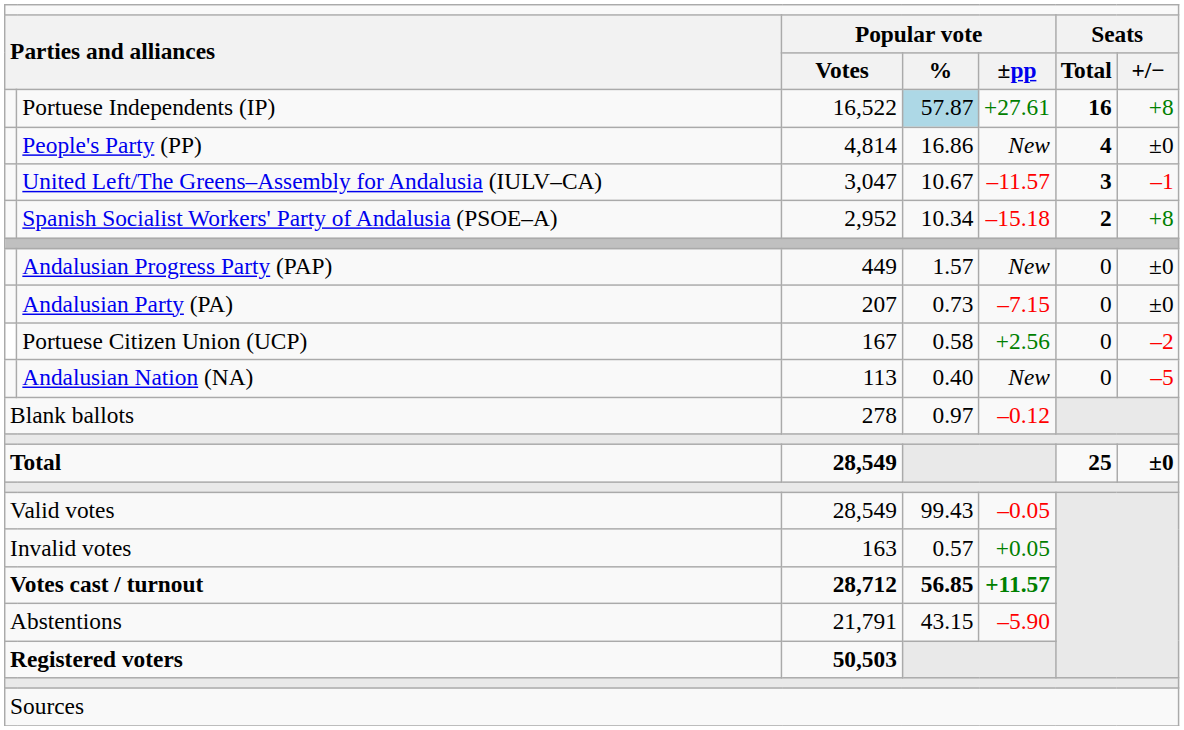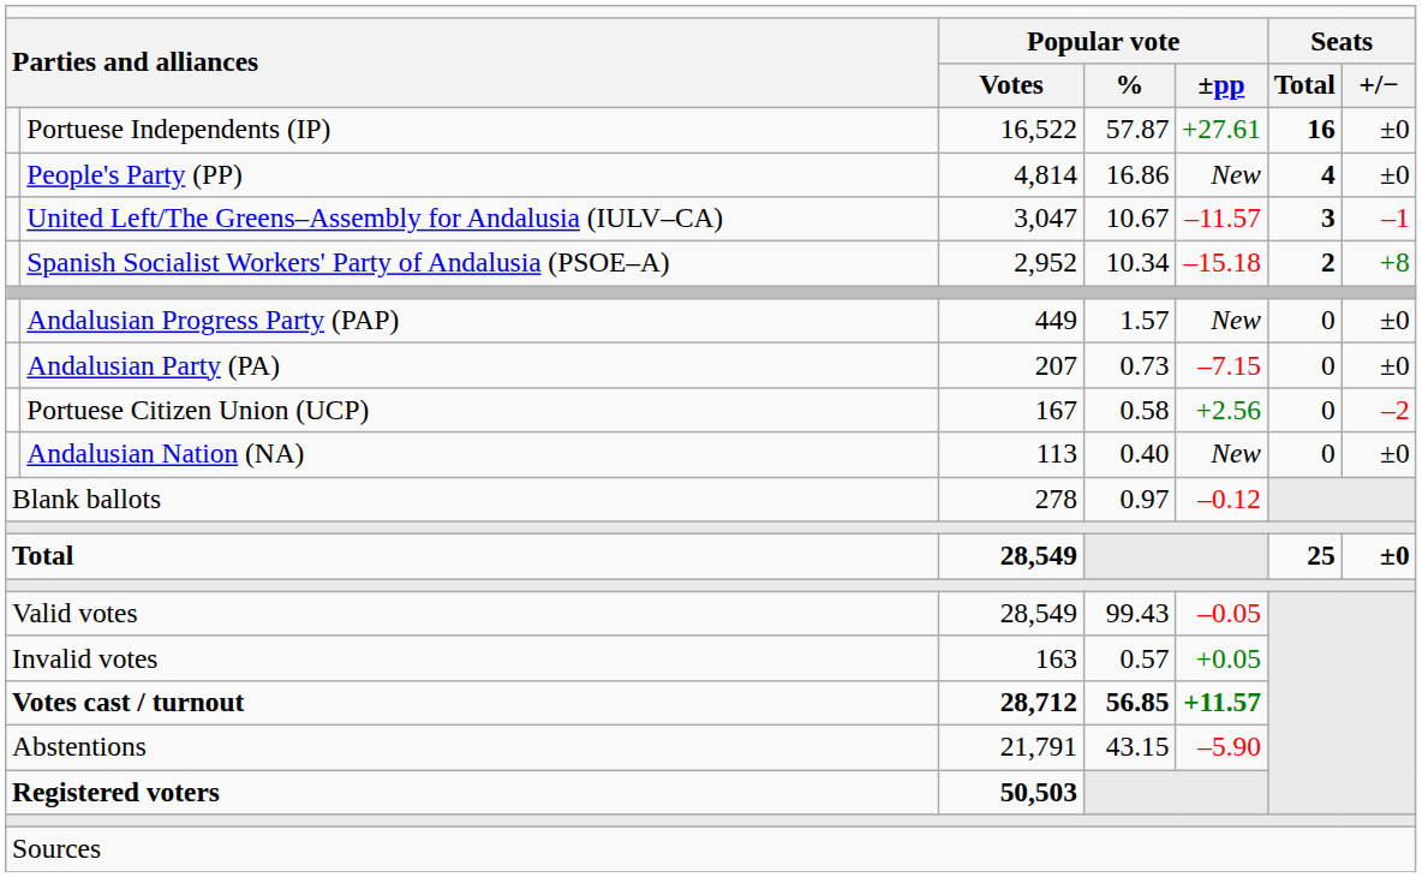 <table class="wikitable" style="text-align:right;">
 <tr>
 <td colspan="7"></td>
 </tr>
 <tr>
 <th style="text-align:left;" rowspan="2" colspan="2" width="525">Parties and alliances</th>
 <th colspan="3">Popular vote</th>
 <th colspan="2">Seats</th>
 </tr>
 <tr>
 <th width="75">Votes</th>
 <th width="45">%</th>
 <th width="45">±<a href='#'>pp</a></th>
 <th width="35">Total</th>
 <th width="35">+/−</th>
 </tr>
 <tr>
 <td width="1" style="color:inherit;background:"></td>
 <td align="left">Portuese Independents (IP)</td>
 <td>16,522</td>
-<td style="background: lightblue;">57.87</td>
+<td>57.87</td>
 <td style="color:green;">+27.61</td>
 <td><strong>16</strong></td>
-<td style="color:green;">+8</td>
+<td>±0</td>
 </tr>
 <tr>
 <td style="color:inherit;background:"></td>
 <td align="left"><a href='#'>People's Party</a> (PP)</td>
 <td>4,814</td>
 <td>16.86</td>
 <td><em>New</em></td>
 <td><strong>4</strong></td>
 <td>±0</td>
 </tr>
 <tr>
 <td style="color:inherit;background:"></td>
 <td align="left"><a href='#'>United Left/The Greens–Assembly for Andalusia</a> (IULV–CA)</td>
 <td>3,047</td>
 <td>10.67</td>
 <td style="color:red;">–11.57</td>
 <td><strong>3</strong></td>
 <td style="color:red;">–1</td>
 </tr>
 <tr>
 <td style="color:inherit;background:"></td>
 <td align="left"><a href='#'>Spanish Socialist Workers' Party of Andalusia</a> (PSOE–A)</td>
 <td>2,952</td>
 <td>10.34</td>
 <td style="color:red;">–15.18</td>
 <td><strong>2</strong></td>
 <td style="color:green;">+8</td>
 </tr>
 <tr>
 <td colspan="7" bgcolor="#C0C0C0"></td>
 </tr>
 <tr>
 <td style="color:inherit;background:"></td>
 <td align="left"><a href='#'>Andalusian Progress Party</a> (PAP)</td>
 <td>449</td>
 <td>1.57</td>
 <td><em>New</em></td>
 <td>0</td>
 <td>±0</td>
 </tr>
 <tr>
 <td style="color:inherit;background:"></td>
 <td align="left"><a href='#'>Andalusian Party</a> (PA)</td>
 <td>207</td>
 <td>0.73</td>
 <td style="color:red;">–7.15</td>
 <td>0</td>
 <td>±0</td>
 </tr>
 <tr>
 <td bgcolor="white"></td>
 <td align="left">Portuese Citizen Union (UCP)</td>
 <td>167</td>
 <td>0.58</td>
 <td style="color:green;">+2.56</td>
 <td>0</td>
 <td style="color:red;">–2</td>
 </tr>
 <tr>
 <td style="color:inherit;background:"></td>
 <td align="left"><a href='#'>Andalusian Nation</a> (NA)</td>
 <td>113</td>
 <td>0.40</td>
 <td><em>New</em></td>
 <td>0</td>
-<td style="color:red;">–5</td>
+<td>±0</td>
 </tr>
 <tr>
 <td align="left" colspan="2">Blank ballots</td>
 <td>278</td>
 <td>0.97</td>
 <td style="color:red;">–0.12</td>
 <td bgcolor="#E9E9E9" colspan="2"></td>
 </tr>
 <tr>
 <td colspan="7" bgcolor="#E9E9E9"></td>
 </tr>
 <tr style="font-weight:bold;">
 <td align="left" colspan="2">Total</td>
 <td>28,549</td>
 <td bgcolor="#E9E9E9" colspan="2"></td>
 <td>25</td>
 <td>±0</td>
 </tr>
 <tr>
 <td colspan="7" bgcolor="#E9E9E9"></td>
 </tr>
 <tr>
 <td align="left" colspan="2">Valid votes</td>
 <td>28,549</td>
 <td>99.43</td>
 <td style="color:red;">–0.05</td>
 <td bgcolor="#E9E9E9" colspan="2" rowspan="5"></td>
 </tr>
 <tr>
 <td align="left" colspan="2">Invalid votes</td>
 <td>163</td>
 <td>0.57</td>
 <td style="color:green;">+0.05</td>
 </tr>
 <tr style="font-weight:bold;">
 <td align="left" colspan="2">Votes cast / turnout</td>
 <td>28,712</td>
 <td>56.85</td>
 <td style="color:green;">+11.57</td>
 </tr>
 <tr>
 <td align="left" colspan="2">Abstentions</td>
 <td>21,791</td>
 <td>43.15</td>
 <td style="color:red;">–5.90</td>
 </tr>
 <tr style="font-weight:bold;">
 <td align="left" colspan="2">Registered voters</td>
 <td>50,503</td>
 <td bgcolor="#E9E9E9" colspan="2"></td>
 </tr>
 <tr>
 <td colspan="7" bgcolor="#E9E9E9"></td>
 </tr>
 <tr>
 <td align="left" colspan="7">Sources</td>
 </tr>
 </table>
